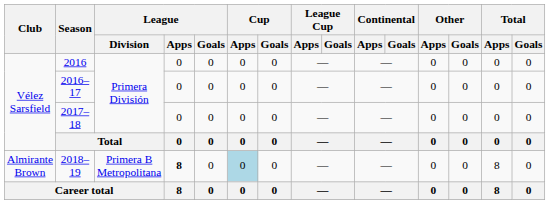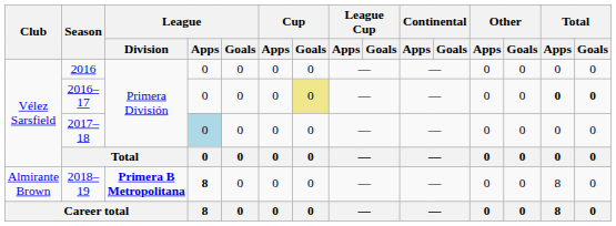 <table class="wikitable" style="text-align:center">
 <tr>
 <th rowspan="2">Club</th>
 <th rowspan="2">Season</th>
 <th colspan="3">League</th>
 <th colspan="2">Cup</th>
 <th colspan="2">League Cup</th>
 <th colspan="2">Continental</th>
 <th colspan="2">Other</th>
 <th colspan="2">Total</th>
 </tr>
 <tr>
 <th>Division</th>
 <th>Apps</th>
 <th>Goals</th>
 <th>Apps</th>
 <th>Goals</th>
 <th>Apps</th>
 <th>Goals</th>
 <th>Apps</th>
 <th>Goals</th>
 <th>Apps</th>
 <th>Goals</th>
 <th>Apps</th>
 <th>Goals</th>
 </tr>
 <tr>
 <td rowspan="4"><a href='#'>Vélez Sarsfield</a></td>
 <td><a href='#'>2016</a></td>
 <td rowspan="3"><a href='#'>Primera División</a></td>
 <td>0</td>
 <td>0</td>
 <td>0</td>
 <td>0</td>
 <td colspan="2">—</td>
 <td colspan="2">—</td>
 <td>0</td>
 <td>0</td>
 <td>0</td>
 <td>0</td>
 </tr>
 <tr>
 <td><a href='#'>2016–17</a></td>
 <td>0</td>
 <td>0</td>
 <td>0</td>
-<td>0</td>
+<td style="background: khaki;">0</td>
 <td colspan="2">—</td>
 <td colspan="2">—</td>
 <td>0</td>
 <td>0</td>
-<td>0</td>
-<td>0</td>
+<td><strong>0</strong></td>
+<td><strong>0</strong></td>
 </tr>
 <tr>
 <td><a href='#'>2017–18</a></td>
-<td>0</td>
+<td style="background: lightblue;">0</td>
 <td>0</td>
 <td>0</td>
 <td>0</td>
 <td colspan="2">—</td>
 <td colspan="2">—</td>
 <td>0</td>
 <td>0</td>
 <td>0</td>
 <td>0</td>
 </tr>
 <tr>
 <th colspan="2">Total</th>
 <th>0</th>
 <th>0</th>
 <th>0</th>
 <th>0</th>
 <th colspan="2">—</th>
 <th colspan="2">—</th>
 <th>0</th>
 <th>0</th>
 <th>0</th>
 <th>0</th>
 </tr>
 <tr>
 <td rowspan="1"><a href='#'>Almirante Brown</a></td>
 <td><a href='#'>2018–19</a></td>
-<td rowspan="1"><a href='#'>Primera B Metropolitana</a></td>
+<td rowspan="1"><strong><a href='#'>Primera B Metropolitana</a></strong></td>
 <td><strong>8</strong></td>
 <td>0</td>
-<td style="background: lightblue;">0</td>
+<td>0</td>
 <td>0</td>
 <td colspan="2">—</td>
 <td colspan="2">—</td>
 <td>0</td>
 <td>0</td>
 <td>8</td>
 <td>0</td>
 </tr>
 <tr>
 <th colspan="3">Career total</th>
 <th>8</th>
 <th>0</th>
 <th>0</th>
 <th>0</th>
 <th colspan="2">—</th>
 <th colspan="2">—</th>
 <th>0</th>
 <th>0</th>
 <th>8</th>
 <th>0</th>
 </tr>
 </table>
